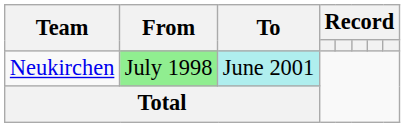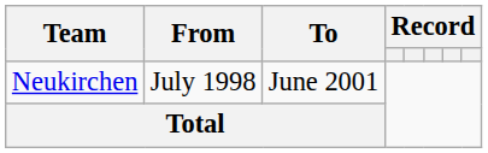 <table class="wikitable" style="text-align:centre">
 <tr>
 <th rowspan="2">Team</th>
 <th rowspan="2">From</th>
 <th rowspan="2">To</th>
 <th colspan="9">Record</th>
 </tr>
 <tr>
 <th></th>
 <th></th>
 <th></th>
 <th></th>
 <th></th>
 </tr>
 <tr>
 <td align="left"><a href='#'>Neukirchen</a></td>
-<td align="left" style="background: lightgreen;">July 1998</td>
-<td align="left" style="background: paleturquoise;">June 2001<br></td>
+<td align="left">July 1998</td>
+<td align="left">June 2001<br></td>
 </tr>
 <tr>
 <th colspan="3">Total<br></th>
 </tr>
 </table>
